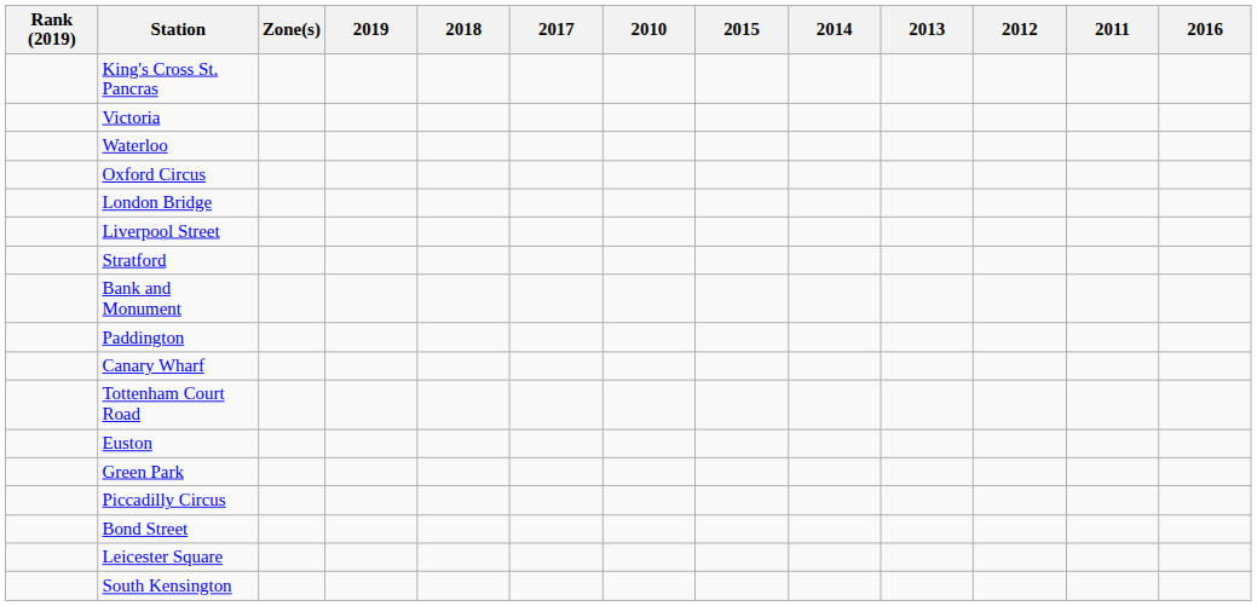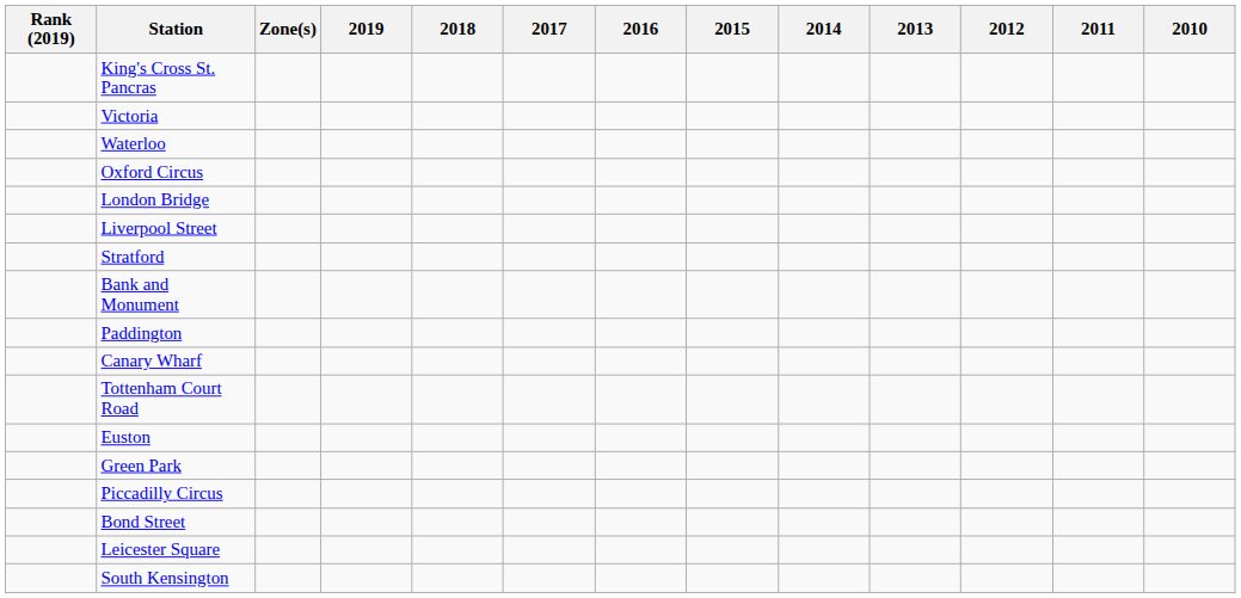 <table class="wikitable sortable">
 <tr>
 <th scope=col width="75">Rank (2019)</th>
 <th scope=col width="135">Station</th>
 <th scope=col width="45">Zone(s)</th>
 <th scope=col width="75">2019</th>
 <th scope=col width="75">2018</th>
 <th scope=col width="75">2017</th>
-<th scope=col width="75">2010</th>
+<th scope=col width="75">2016</th>
 <th scope=col width="75">2015</th>
 <th scope=col width="75">2014</th>
 <th scope=col width="75">2013</th>
 <th scope=col width="75">2012</th>
 <th scope=col width="75">2011</th>
-<th scope=col width="75">2016</th>
+<th scope=col width="75">2010</th>
 </tr>
 <tr>
 <td scope=row></td>
 <td><a href='#'>King's Cross St. Pancras</a></td>
 <td></td>
 <td></td>
 <td></td>
 <td></td>
-<td><br></td>
 <td></td>
 <td></td>
 <td></td>
 <td></td>
 <td></td>
 <td></td>
+<td><br></td>
 </tr>
 <tr>
 <td scope=row></td>
 <td><a href='#'>Victoria</a></td>
 <td></td>
 <td></td>
 <td></td>
 <td></td>
-<td><br></td>
 <td></td>
 <td></td>
 <td></td>
 <td></td>
 <td></td>
 <td></td>
+<td><br></td>
 </tr>
 <tr>
 <td scope=row></td>
 <td><a href='#'>Waterloo</a></td>
 <td></td>
 <td></td>
 <td></td>
 <td></td>
-<td><br></td>
 <td></td>
 <td></td>
 <td></td>
 <td></td>
 <td></td>
 <td></td>
+<td><br></td>
 </tr>
 <tr>
 <td scope=row></td>
 <td><a href='#'>Oxford Circus</a></td>
 <td></td>
 <td></td>
 <td></td>
 <td></td>
-<td><br></td>
 <td></td>
 <td></td>
 <td></td>
 <td></td>
 <td></td>
 <td></td>
+<td><br></td>
 </tr>
 <tr>
 <td scope=row></td>
 <td><a href='#'>London Bridge</a></td>
 <td></td>
 <td></td>
 <td></td>
 <td></td>
-<td><br></td>
 <td></td>
 <td></td>
 <td></td>
 <td></td>
 <td></td>
 <td></td>
+<td><br></td>
 </tr>
 <tr>
 <td scope=row></td>
 <td><a href='#'>Liverpool Street</a></td>
 <td></td>
 <td></td>
 <td></td>
 <td></td>
-<td><br></td>
 <td></td>
 <td></td>
 <td></td>
 <td></td>
 <td></td>
 <td></td>
+<td><br></td>
 </tr>
 <tr>
 <td scope=row></td>
 <td><a href='#'>Stratford</a></td>
 <td></td>
 <td></td>
 <td></td>
 <td></td>
-<td><br></td>
 <td></td>
 <td></td>
 <td></td>
 <td></td>
 <td></td>
 <td></td>
+<td><br></td>
 </tr>
 <tr>
 <td scope=row></td>
 <td><a href='#'>Bank and Monument</a></td>
 <td></td>
 <td></td>
 <td></td>
 <td></td>
-<td><br></td>
 <td></td>
 <td></td>
 <td></td>
 <td></td>
 <td></td>
 <td></td>
+<td><br></td>
 </tr>
 <tr>
 <td scope=row></td>
 <td><a href='#'>Paddington</a></td>
 <td></td>
 <td></td>
 <td></td>
 <td></td>
-<td><br></td>
 <td></td>
 <td></td>
 <td></td>
 <td></td>
 <td></td>
 <td></td>
+<td><br></td>
 </tr>
 <tr>
 <td scope=row></td>
 <td><a href='#'>Canary Wharf</a></td>
 <td></td>
 <td></td>
 <td></td>
 <td></td>
-<td><br></td>
 <td></td>
 <td></td>
 <td></td>
 <td></td>
 <td></td>
 <td></td>
+<td><br></td>
 </tr>
 <tr>
 <td scope=row></td>
 <td><a href='#'>Tottenham Court Road</a></td>
 <td></td>
 <td></td>
 <td></td>
 <td></td>
-<td><br></td>
 <td></td>
 <td></td>
 <td></td>
 <td></td>
 <td></td>
 <td></td>
+<td><br></td>
 </tr>
 <tr>
 <td scope=row></td>
 <td><a href='#'>Euston</a></td>
 <td></td>
 <td></td>
 <td></td>
 <td></td>
-<td><br></td>
 <td></td>
 <td></td>
 <td></td>
 <td></td>
 <td></td>
 <td></td>
+<td><br></td>
 </tr>
 <tr>
 <td scope=row></td>
 <td><a href='#'>Green Park</a></td>
 <td></td>
 <td></td>
 <td></td>
 <td></td>
-<td><br></td>
 <td></td>
 <td></td>
 <td></td>
 <td></td>
 <td></td>
 <td></td>
+<td><br></td>
 </tr>
 <tr>
 <td scope=row></td>
 <td><a href='#'>Piccadilly Circus</a></td>
 <td></td>
 <td></td>
 <td></td>
 <td></td>
-<td><br></td>
 <td></td>
 <td></td>
 <td></td>
 <td></td>
 <td></td>
 <td></td>
+<td><br></td>
 </tr>
 <tr>
 <td scope=row></td>
 <td><a href='#'>Bond Street</a></td>
 <td></td>
 <td></td>
 <td></td>
 <td></td>
-<td><br></td>
 <td></td>
 <td></td>
 <td></td>
 <td></td>
 <td></td>
 <td></td>
+<td><br></td>
 </tr>
 <tr>
 <td scope=row></td>
 <td><a href='#'>Leicester Square</a></td>
 <td></td>
 <td></td>
 <td></td>
 <td></td>
-<td><br></td>
 <td></td>
 <td></td>
 <td></td>
 <td></td>
 <td></td>
 <td></td>
+<td><br></td>
 </tr>
 <tr>
 <td scope=row></td>
 <td><a href='#'>South Kensington</a></td>
 <td></td>
 <td></td>
 <td></td>
 <td></td>
-<td><br>  </td>
 <td></td>
 <td></td>
 <td></td>
 <td></td>
 <td></td>
 <td></td>
+<td><br>  </td>
 </tr>
 </table>
